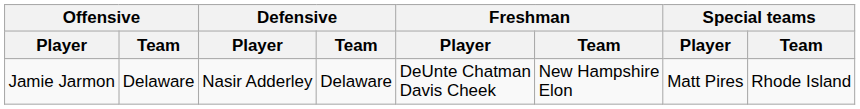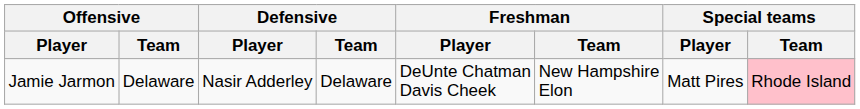 <table class="wikitable" border="1">
 <tr>
 <th colspan="2">Offensive</th>
 <th colspan="2">Defensive</th>
 <th colspan="2">Freshman</th>
 <th colspan="2">Special teams</th>
 </tr>
 <tr>
 <th>Player</th>
 <th>Team</th>
 <th>Player</th>
 <th>Team</th>
 <th>Player</th>
 <th>Team</th>
 <th>Player</th>
 <th>Team</th>
 </tr>
 <tr>
 <td>Jamie Jarmon</td>
 <td>Delaware</td>
 <td>Nasir Adderley</td>
 <td>Delaware</td>
 <td>DeUnte Chatman<br>Davis Cheek</td>
 <td>New Hampshire<br>Elon</td>
 <td>Matt Pires</td>
-<td>Rhode Island</td>
+<td style="background: pink;">Rhode Island</td>
 </tr>
 </table>
